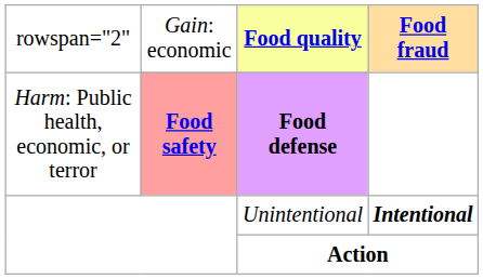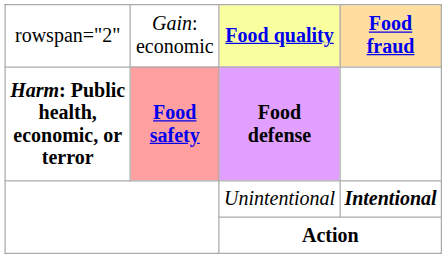 <table class="wikitable" style="float: right; background: white; color: black; text-align: center; width: 350px; height: 200px;">
 <tr>
 <td>rowspan="2" </td>
 <td><em>Gain</em>: economic</td>
 <td style="background: #f9ff9f; color: black"><strong><a href='#'>Food quality</a></strong></td>
 <td style="background: #FFDE9F; color: black"><strong><a href='#'>Food fraud</a></strong></td>
 </tr>
 <tr>
-<td><em>Harm</em>: Public health, economic, or terror</td>
+<td><strong><em>Harm</em>: Public health, economic, or terror</strong></td>
 <td style="background: #FF9F9F; color: black"><strong><a href='#'>Food safety</a></strong></td>
 <td style="background: #E19FFF; color: black"><strong>Food defense</strong></td>
 </tr>
 <tr>
 <td colspan="2" rowspan="2"></td>
 <td><em>Unintentional</em></td>
 <td><strong><em>Intentional</em></strong></td>
 </tr>
 <tr>
 <td colspan="2"><strong>Action</strong></td>
 </tr>
 </table>
